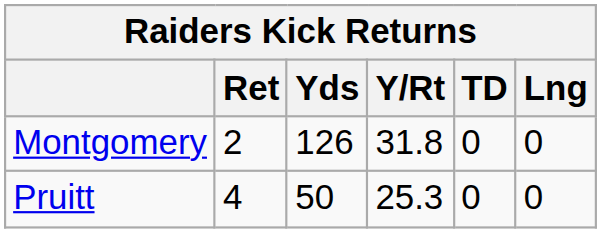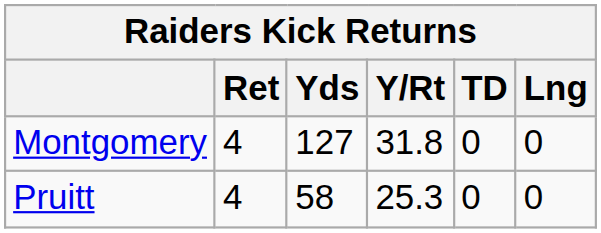 <table class="wikitable">
 <tr>
 <th colspan="6">Raiders Kick Returns</th>
 </tr>
 <tr>
 <th></th>
 <th>Ret</th>
 <th>Yds</th>
 <th>Y/Rt</th>
 <th>TD</th>
 <th>Lng</th>
 </tr>
 <tr>
 <td><a href='#'>Montgomery</a></td>
-<td>2</td>
-<td>126</td>
+<td>4</td>
+<td>127</td>
 <td>31.8</td>
 <td>0</td>
 <td>0</td>
 </tr>
 <tr>
 <td><a href='#'>Pruitt</a></td>
 <td>4</td>
-<td>50</td>
+<td>58</td>
 <td>25.3</td>
 <td>0</td>
 <td>0</td>
 </tr>
 </table>
